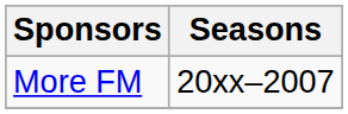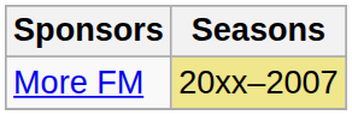 <table class="wikitable collapsible">
 <tr>
 <th>Sponsors</th>
 <th>Seasons</th>
 </tr>
 <tr>
 <td><a href='#'>More FM</a></td>
-<td>20xx–2007</td>
+<td style="background: khaki;">20xx–2007</td>
 </tr>
 <tr>
 </tr>
 </table>
